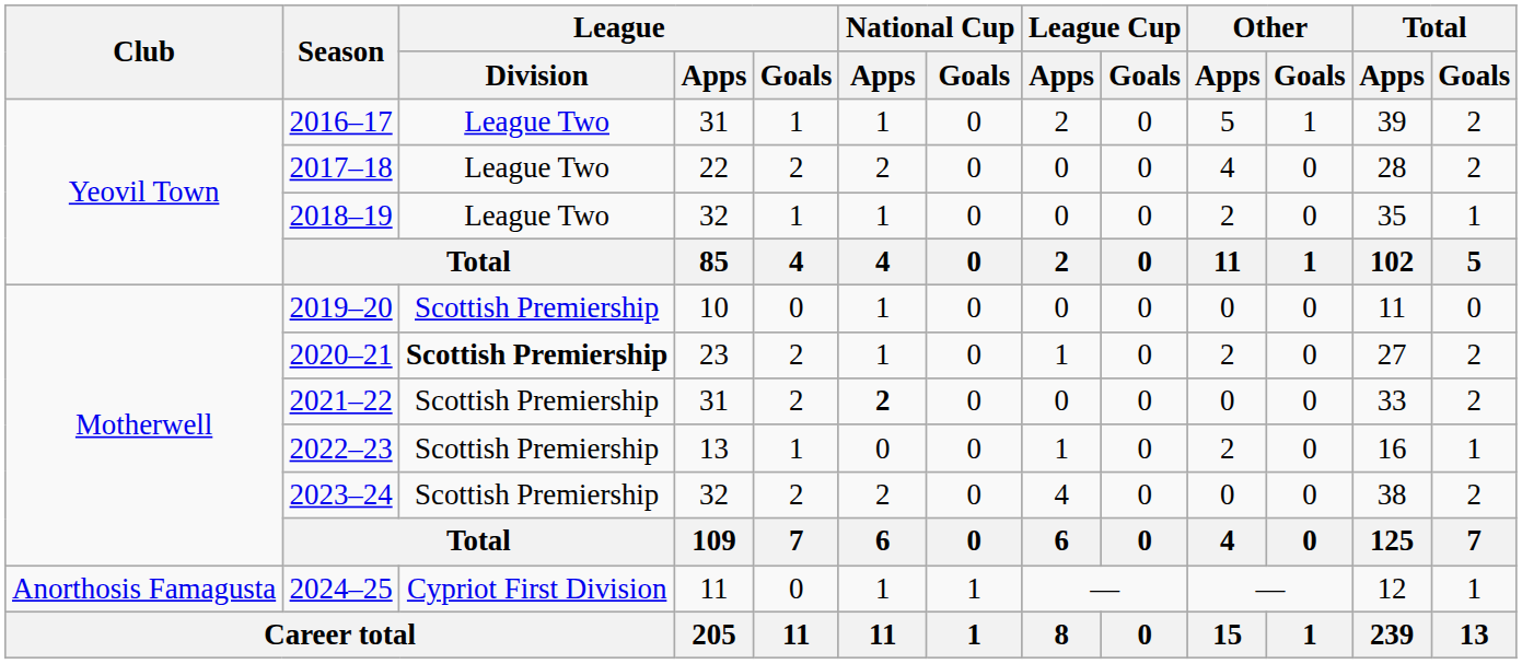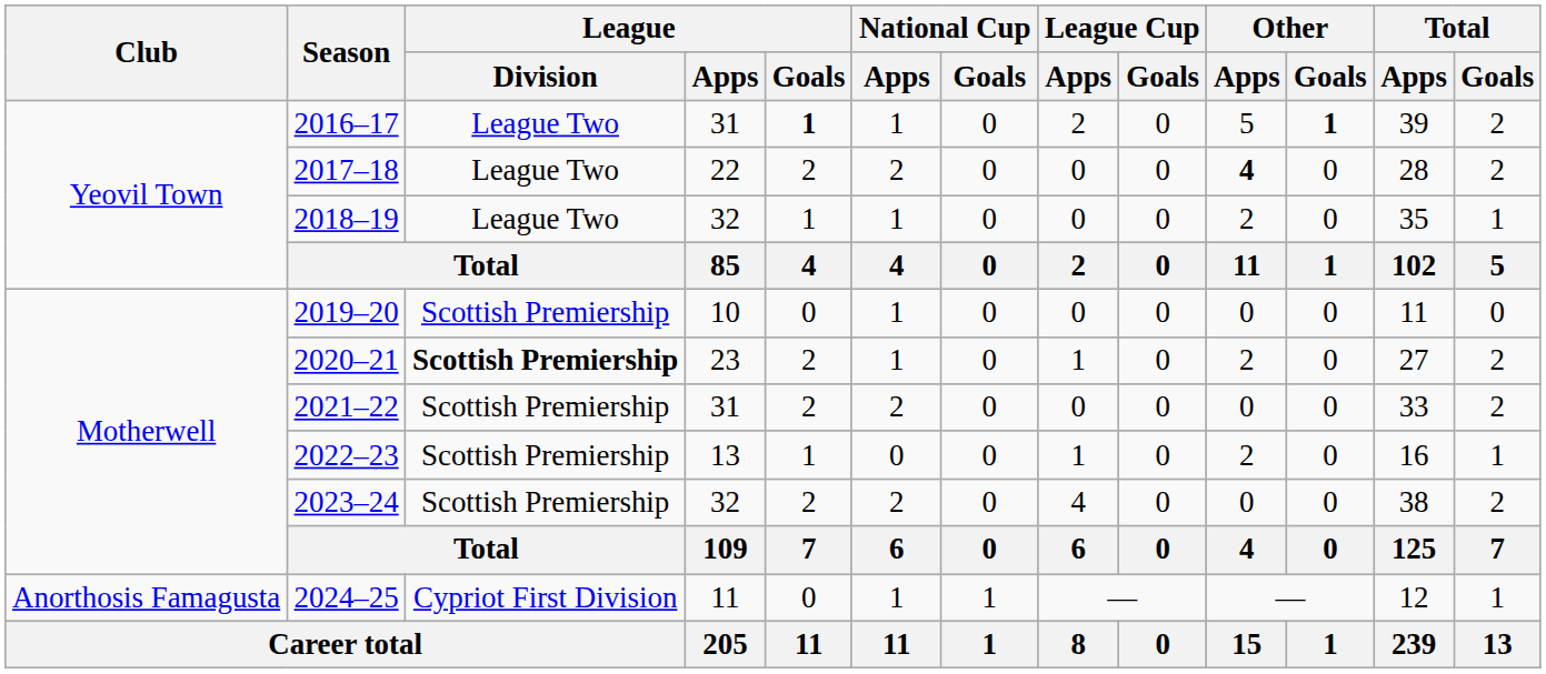 <table class=wikitable style=text-align:center>
 <tr>
 <th rowspan=2>Club</th>
 <th rowspan=2>Season</th>
 <th colspan=3>League</th>
 <th colspan=2>National Cup</th>
 <th colspan=2>League Cup</th>
 <th colspan=2>Other</th>
 <th colspan=2>Total</th>
 </tr>
 <tr>
 <th>Division</th>
 <th>Apps</th>
 <th>Goals</th>
 <th>Apps</th>
 <th>Goals</th>
 <th>Apps</th>
 <th>Goals</th>
 <th>Apps</th>
 <th>Goals</th>
 <th>Apps</th>
 <th>Goals</th>
 </tr>
 <tr>
 <td rowspan=4><a href='#'>Yeovil Town</a></td>
 <td><a href='#'>2016–17</a></td>
 <td><a href='#'>League Two</a></td>
 <td>31</td>
-<td>1</td>
+<td><strong>1</strong></td>
 <td>1</td>
 <td>0</td>
 <td>2</td>
 <td>0</td>
 <td>5</td>
-<td>1</td>
+<td><strong>1</strong></td>
 <td>39</td>
 <td>2</td>
 </tr>
 <tr>
 <td><a href='#'>2017–18</a></td>
 <td>League Two</td>
 <td>22</td>
 <td>2</td>
 <td>2</td>
 <td>0</td>
 <td>0</td>
 <td>0</td>
-<td>4</td>
+<td><strong>4</strong></td>
 <td>0</td>
 <td>28</td>
 <td>2</td>
 </tr>
 <tr>
 <td><a href='#'>2018–19</a></td>
 <td>League Two</td>
 <td>32</td>
 <td>1</td>
 <td>1</td>
 <td>0</td>
 <td>0</td>
 <td>0</td>
 <td>2</td>
 <td>0</td>
 <td>35</td>
 <td>1</td>
 </tr>
 <tr>
 <th colspan=2>Total</th>
 <th>85</th>
 <th>4</th>
 <th>4</th>
 <th>0</th>
 <th>2</th>
 <th>0</th>
 <th>11</th>
 <th>1</th>
 <th>102</th>
 <th>5</th>
 </tr>
 <tr>
 <td rowspan=6><a href='#'>Motherwell</a></td>
 <td><a href='#'>2019–20</a></td>
 <td><a href='#'>Scottish Premiership</a></td>
 <td>10</td>
 <td>0</td>
 <td>1</td>
 <td>0</td>
 <td>0</td>
 <td>0</td>
 <td>0</td>
 <td>0</td>
 <td>11</td>
 <td>0</td>
 </tr>
 <tr>
 <td><a href='#'>2020–21</a></td>
 <td><strong>Scottish Premiership</strong></td>
 <td>23</td>
 <td>2</td>
 <td>1</td>
 <td>0</td>
 <td>1</td>
 <td>0</td>
 <td>2</td>
 <td>0</td>
 <td>27</td>
 <td>2</td>
 </tr>
 <tr>
 <td><a href='#'>2021–22</a></td>
 <td>Scottish Premiership</td>
 <td>31</td>
 <td>2</td>
-<td><strong>2</strong></td>
+<td>2</td>
 <td>0</td>
 <td>0</td>
 <td>0</td>
 <td>0</td>
 <td>0</td>
 <td>33</td>
 <td>2</td>
 </tr>
 <tr>
 <td><a href='#'>2022–23</a></td>
 <td>Scottish Premiership</td>
 <td>13</td>
 <td>1</td>
 <td>0</td>
 <td>0</td>
 <td>1</td>
 <td>0</td>
 <td>2</td>
 <td>0</td>
 <td>16</td>
 <td>1</td>
 </tr>
 <tr>
 <td><a href='#'>2023–24</a></td>
 <td>Scottish Premiership</td>
 <td>32</td>
 <td>2</td>
 <td>2</td>
 <td>0</td>
 <td>4</td>
 <td>0</td>
 <td>0</td>
 <td>0</td>
 <td>38</td>
 <td>2</td>
 </tr>
 <tr>
 <th colspan=2>Total</th>
 <th>109</th>
 <th>7</th>
 <th>6</th>
 <th>0</th>
 <th>6</th>
 <th>0</th>
 <th>4</th>
 <th>0</th>
 <th>125</th>
 <th>7</th>
 </tr>
 <tr>
 <td><a href='#'>Anorthosis Famagusta</a></td>
 <td><a href='#'>2024–25</a></td>
 <td><a href='#'>Cypriot First Division</a></td>
 <td>11</td>
 <td>0</td>
 <td>1</td>
 <td>1</td>
 <td colspan="2">—</td>
 <td colspan="2">—</td>
 <td>12</td>
 <td>1</td>
 </tr>
 <tr>
 <th colspan=3>Career total</th>
 <th>205</th>
 <th>11</th>
 <th>11</th>
 <th>1</th>
 <th>8</th>
 <th>0</th>
 <th>15</th>
 <th>1</th>
 <th>239</th>
 <th>13</th>
 </tr>
 </table>
